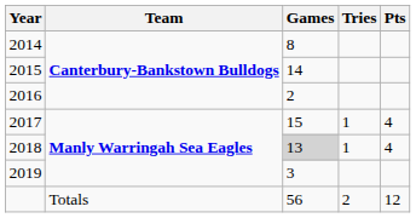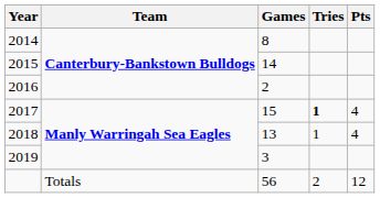 <table class="wikitable">
 <tr>
 <th>Year</th>
 <th>Team</th>
 <th>Games</th>
 <th>Tries</th>
 <th>Pts</th>
 </tr>
 <tr>
 <td>2014</td>
 <td rowspan="3"> <strong><a href='#'>Canterbury-Bankstown Bulldogs</a></strong></td>
 <td>8</td>
 <td></td>
 <td></td>
 </tr>
 <tr>
 <td>2015</td>
 <td>14</td>
 <td></td>
 <td></td>
 </tr>
 <tr>
 <td>2016</td>
 <td>2</td>
 <td></td>
 <td></td>
 </tr>
 <tr>
 <td>2017</td>
 <td rowspan="3"> <strong><a href='#'>Manly Warringah Sea Eagles</a></strong></td>
 <td>15</td>
-<td>1</td>
+<td><strong>1</strong></td>
 <td>4</td>
 </tr>
 <tr>
 <td>2018</td>
-<td style="background: lightgrey;">13</td>
+<td>13</td>
 <td>1</td>
 <td>4</td>
 </tr>
 <tr>
 <td>2019</td>
 <td>3</td>
 <td></td>
 <td></td>
 </tr>
 <tr>
 <td></td>
 <td>Totals</td>
 <td>56</td>
 <td>2</td>
 <td>12</td>
 </tr>
 </table>
